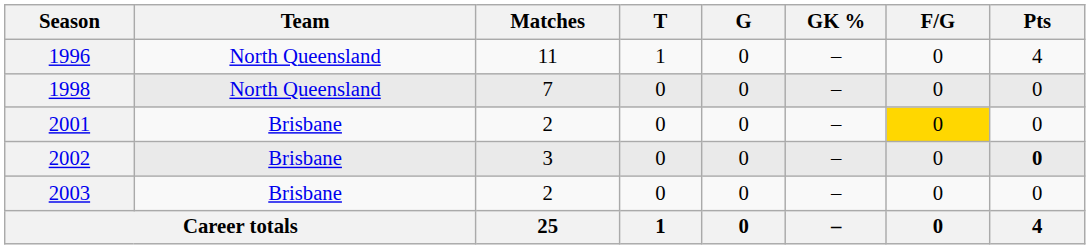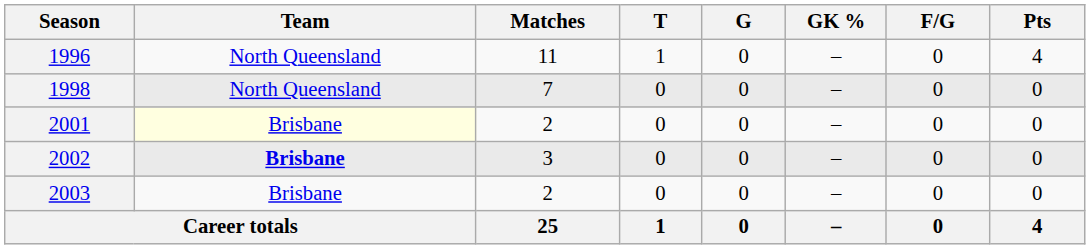 <table class="wikitable sortable"  style="font-size:90%; text-align:center; width:85%;">
 <tr>
 <th width=2%>Season</th>
 <th width=8%>Team</th>
 <th width=2%>Matches</th>
 <th width=2%>T</th>
 <th width=2%>G</th>
 <th width=2%>GK %</th>
 <th width=2%>F/G</th>
 <th width=2%>Pts</th>
 </tr>
 <tr>
 <th scope="row" style="text-align:center; font-weight:normal"><a href='#'>1996</a></th>
 <td style="text-align:center;"> <a href='#'>North Queensland</a></td>
 <td>11</td>
 <td>1</td>
 <td>0</td>
 <td>–</td>
 <td>0</td>
 <td>4</td>
 </tr>
 <tr style="background-color: #EAEAEA">
 <th scope="row" style="text-align:center; font-weight:normal"><a href='#'>1998</a></th>
 <td style="text-align:center;"> <a href='#'>North Queensland</a></td>
 <td>7</td>
 <td>0</td>
 <td>0</td>
 <td>–</td>
 <td>0</td>
 <td>0</td>
 </tr>
 <tr>
 <th scope="row" style="text-align:center; font-weight:normal"><a href='#'>2001</a></th>
-<td style="text-align:center;"> <a href='#'>Brisbane</a></td>
+<td style="background: lightyellow; text-align:center;"> <a href='#'>Brisbane</a></td>
 <td>2</td>
 <td>0</td>
 <td>0</td>
 <td>–</td>
-<td style="background: gold;">0</td>
+<td>0</td>
 <td>0</td>
 </tr>
 <tr style="background-color: #EAEAEA">
 <th scope="row" style="text-align:center; font-weight:normal"><a href='#'>2002</a></th>
-<td style="text-align:center;"> <a href='#'>Brisbane</a></td>
+<td style="text-align:center;"><strong> <a href='#'>Brisbane</a></strong></td>
 <td>3</td>
 <td>0</td>
 <td>0</td>
 <td>–</td>
 <td>0</td>
-<td><strong>0</strong></td>
+<td>0</td>
 </tr>
 <tr>
 <th scope="row" style="text-align:center; font-weight:normal"><a href='#'>2003</a></th>
 <td style="text-align:center;"> <a href='#'>Brisbane</a></td>
 <td>2</td>
 <td>0</td>
 <td>0</td>
 <td>–</td>
 <td>0</td>
 <td>0</td>
 </tr>
 <tr class="sortbottom">
 <th colspan=2>Career totals</th>
 <th>25</th>
 <th>1</th>
 <th>0</th>
 <th>–</th>
 <th>0</th>
 <th>4</th>
 </tr>
 </table>
